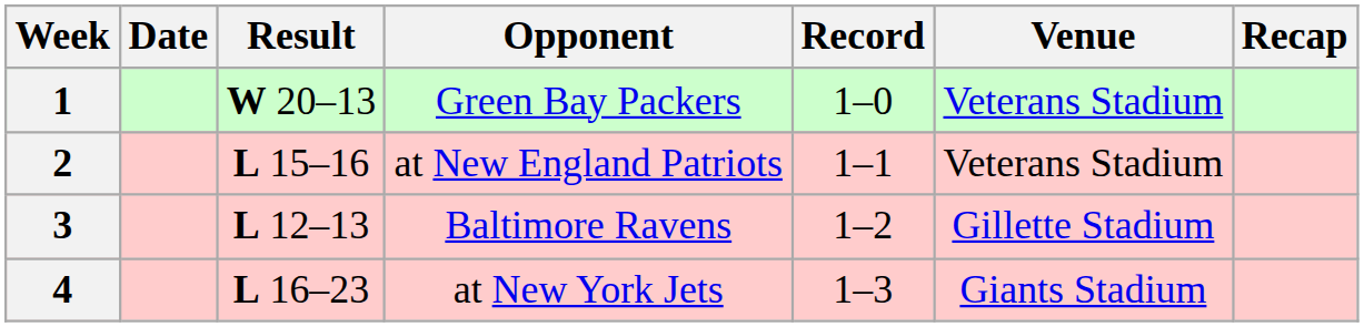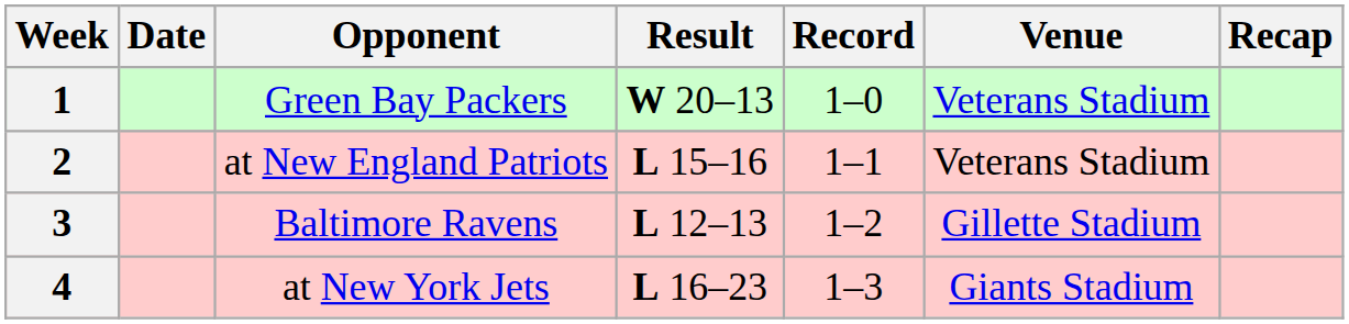 <table class="wikitable" style="text-align:center">
 <tr>
 <th>Week</th>
 <th>Date</th>
+<th>Opponent</th>
 <th>Result</th>
-<th>Opponent</th>
 <th>Record</th>
 <th>Venue</th>
 <th>Recap</th>
 </tr>
 <tr style="background:#cfc">
 <th>1</th>
 <td></td>
+<td><a href='#'>Green Bay Packers</a></td>
 <td><strong>W</strong> 20–13</td>
-<td><a href='#'>Green Bay Packers</a></td>
 <td>1–0</td>
 <td><a href='#'>Veterans Stadium</a></td>
 <td></td>
 </tr>
 <tr style="background:#fcc">
 <th>2</th>
 <td></td>
+<td>at <a href='#'>New England Patriots</a></td>
 <td><strong>L</strong> 15–16</td>
-<td>at <a href='#'>New England Patriots</a></td>
 <td>1–1</td>
 <td>Veterans Stadium</td>
 <td></td>
 </tr>
 <tr style="background:#fcc">
 <th>3</th>
 <td></td>
+<td><a href='#'>Baltimore Ravens</a></td>
 <td><strong>L</strong> 12–13</td>
-<td><a href='#'>Baltimore Ravens</a></td>
 <td>1–2</td>
 <td><a href='#'>Gillette Stadium</a></td>
 <td></td>
 </tr>
 <tr style="background:#fcc">
 <th>4</th>
 <td></td>
+<td>at <a href='#'>New York Jets</a></td>
 <td><strong>L</strong> 16–23</td>
-<td>at <a href='#'>New York Jets</a></td>
 <td>1–3</td>
 <td><a href='#'>Giants Stadium</a></td>
 <td></td>
 </tr>
 </table>
